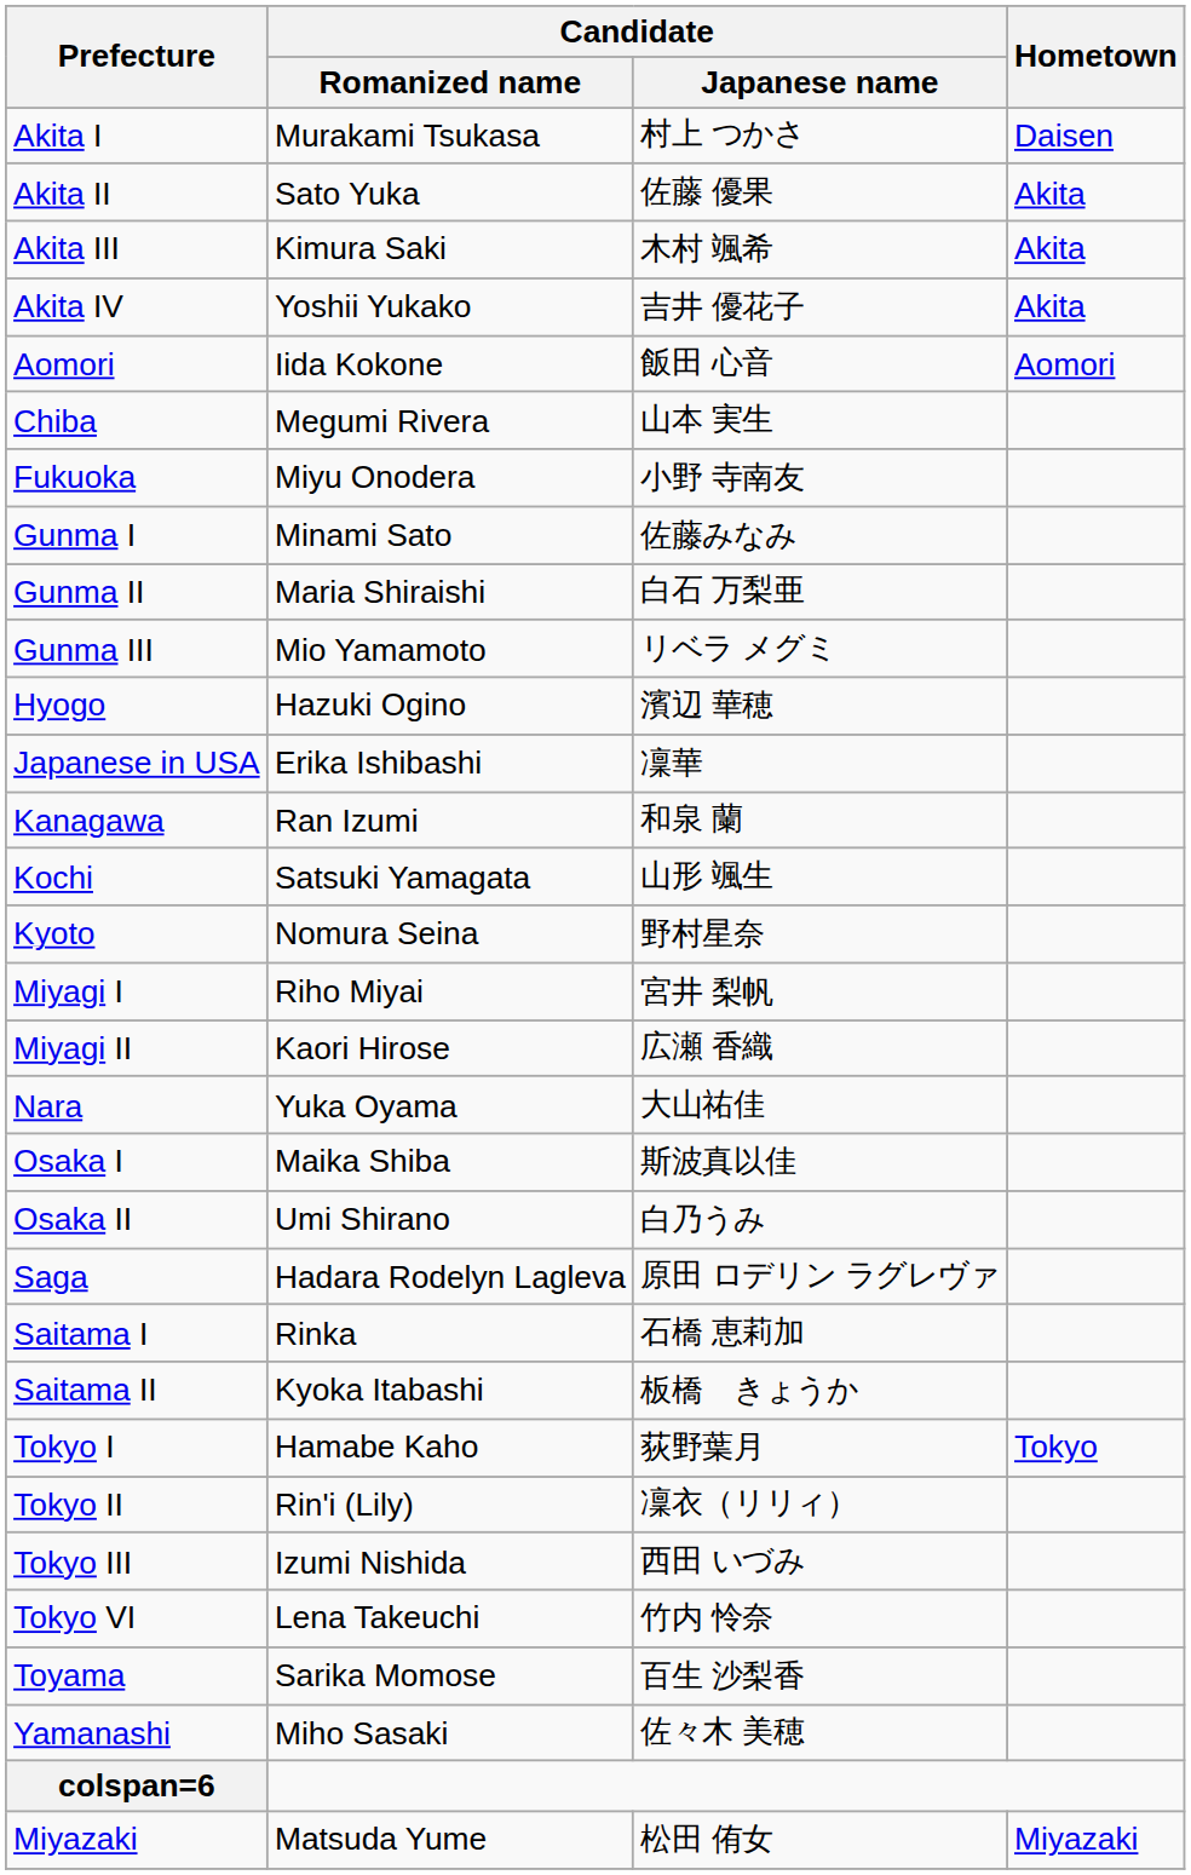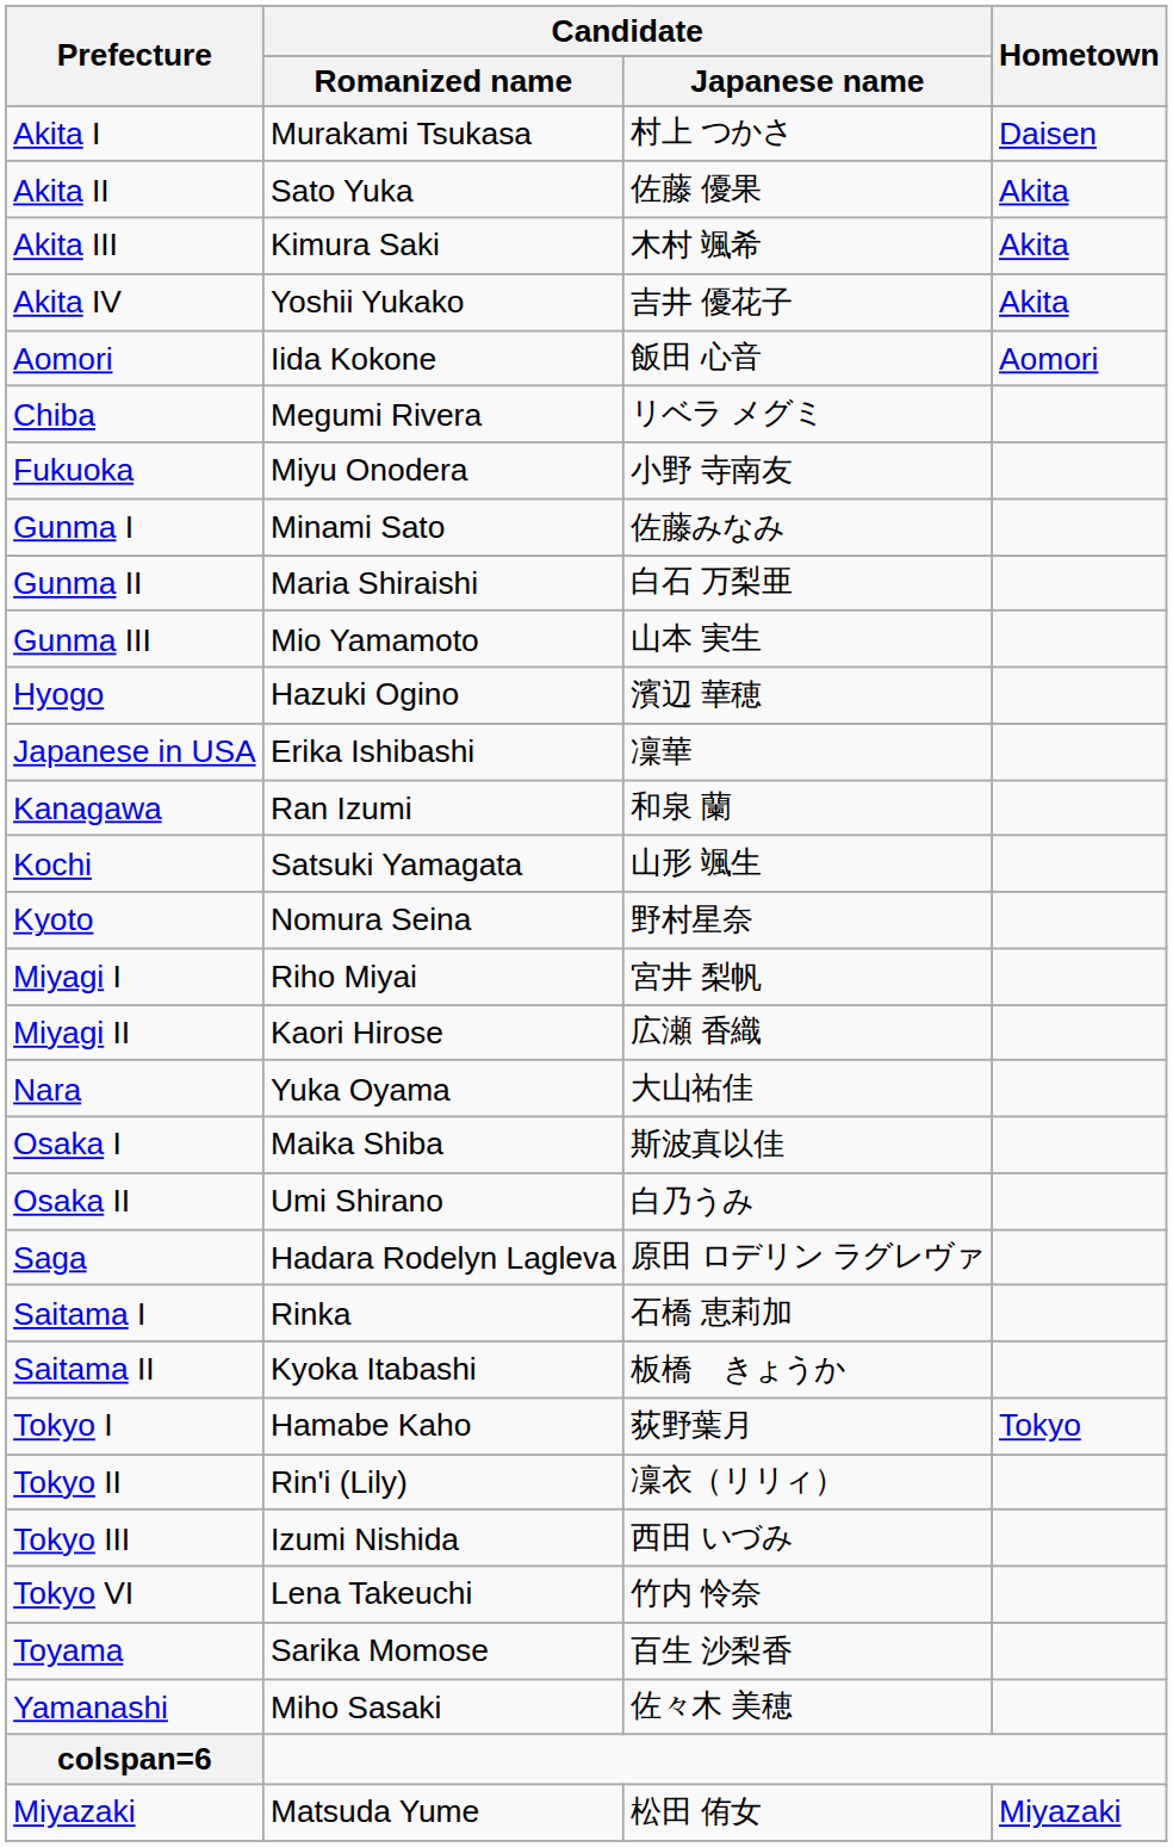 <table class="wikitable col5center" style="font-size: 90%;">
 <tr>
 <th rowspan=2>Prefecture</th>
 <th width="100" colspan=2><span>Candidate </span></th>
 <th rowspan=2><span>Hometown</span></th>
 </tr>
 <tr>
 <th>Romanized name</th>
 <th>Japanese name</th>
 </tr>
 <tr>
 <td><a href='#'>Akita</a> I</td>
 <td>Murakami Tsukasa</td>
 <td>村上 つかさ</td>
 <td><a href='#'>Daisen</a></td>
 </tr>
 <tr>
 <td><a href='#'>Akita</a> II</td>
 <td>Sato Yuka</td>
 <td>佐藤 優果</td>
 <td><a href='#'>Akita</a></td>
 </tr>
 <tr>
 <td><a href='#'>Akita</a> III</td>
 <td>Kimura Saki</td>
 <td>木村 颯希</td>
 <td><a href='#'>Akita</a></td>
 </tr>
 <tr>
 <td><a href='#'>Akita</a> IV</td>
 <td>Yoshii Yukako</td>
 <td>吉井 優花子</td>
 <td><a href='#'>Akita</a></td>
 </tr>
 <tr>
 <td><a href='#'>Aomori</a></td>
 <td>Iida Kokone</td>
 <td>飯田 心音</td>
 <td><a href='#'>Aomori</a></td>
 </tr>
 <tr>
 <td><a href='#'>Chiba</a></td>
 <td>Megumi Rivera</td>
-<td>山本 実生</td>
+<td>リベラ メグミ</td>
 <td></td>
 </tr>
 <tr>
 <td><a href='#'>Fukuoka</a></td>
 <td>Miyu Onodera</td>
 <td>小野 寺南友</td>
 <td></td>
 </tr>
 <tr>
 <td><a href='#'>Gunma</a> I</td>
 <td>Minami Sato</td>
 <td>佐藤みなみ</td>
 <td></td>
 </tr>
 <tr>
 <td><a href='#'>Gunma</a> II</td>
 <td>Maria Shiraishi</td>
 <td>白石 万梨亜</td>
 <td></td>
 </tr>
 <tr>
 <td><a href='#'>Gunma</a> III</td>
 <td>Mio Yamamoto</td>
-<td>リベラ メグミ</td>
+<td>山本 実生</td>
 <td></td>
 </tr>
 <tr>
 <td><a href='#'>Hyogo</a></td>
 <td>Hazuki Ogino</td>
 <td>濱辺 華穂</td>
 <td></td>
 </tr>
 <tr>
 <td><a href='#'>Japanese in USA</a></td>
 <td>Erika Ishibashi</td>
 <td>凜華</td>
 <td></td>
 </tr>
 <tr>
 <td><a href='#'>Kanagawa</a></td>
 <td>Ran Izumi</td>
 <td>和泉 蘭</td>
 <td></td>
 </tr>
 <tr>
 <td><a href='#'>Kochi</a></td>
 <td>Satsuki Yamagata</td>
 <td>山形 颯生</td>
 <td></td>
 </tr>
 <tr>
 <td><a href='#'>Kyoto</a></td>
 <td>Nomura Seina</td>
 <td>野村星奈</td>
 <td></td>
 </tr>
 <tr>
 <td><a href='#'>Miyagi</a> I</td>
 <td>Riho Miyai</td>
 <td>宮井 梨帆</td>
 <td></td>
 </tr>
 <tr>
 <td><a href='#'>Miyagi</a> II</td>
 <td>Kaori Hirose</td>
 <td>広瀬 香織</td>
 <td></td>
 </tr>
 <tr>
 <td><a href='#'>Nara</a></td>
 <td>Yuka Oyama</td>
 <td>大山祐佳</td>
 <td></td>
 </tr>
 <tr>
 <td><a href='#'>Osaka</a> I</td>
 <td>Maika Shiba</td>
 <td>斯波真以佳</td>
 <td></td>
 </tr>
 <tr>
 <td><a href='#'>Osaka</a> II</td>
 <td>Umi Shirano</td>
 <td>白乃うみ</td>
 <td></td>
 </tr>
 <tr>
 <td><a href='#'>Saga</a></td>
 <td>Hadara Rodelyn Lagleva</td>
 <td>原田 ロデリン ラグレヴァ</td>
 <td></td>
 </tr>
 <tr>
 <td><a href='#'>Saitama</a> I</td>
 <td>Rinka</td>
 <td>石橋 恵莉加</td>
 <td></td>
 </tr>
 <tr>
 <td><a href='#'>Saitama</a> II</td>
 <td>Kyoka Itabashi</td>
 <td>板橋　きょうか</td>
 <td></td>
 </tr>
 <tr>
 <td><a href='#'>Tokyo</a> I</td>
 <td>Hamabe Kaho</td>
 <td>荻野葉月</td>
 <td><a href='#'>Tokyo</a></td>
 </tr>
 <tr>
 <td><a href='#'>Tokyo</a> II</td>
 <td>Rin'i (Lily)</td>
 <td>凜衣（リリィ）</td>
 <td></td>
 </tr>
 <tr>
 <td><a href='#'>Tokyo</a> III</td>
 <td>Izumi Nishida</td>
 <td>西田 いづみ</td>
 <td></td>
 </tr>
 <tr>
 <td><a href='#'>Tokyo</a> VI</td>
 <td>Lena Takeuchi</td>
 <td>竹内 怜奈</td>
 <td></td>
 </tr>
 <tr>
 <td><a href='#'>Toyama</a></td>
 <td>Sarika Momose</td>
 <td>百生 沙梨香</td>
 <td></td>
 </tr>
 <tr>
 <td><a href='#'>Yamanashi</a></td>
 <td>Miho Sasaki</td>
 <td>佐々木 美穂</td>
 <td></td>
 </tr>
 <tr>
 <th>colspan=6 </th>
 </tr>
 <tr>
 <td><a href='#'>Miyazaki</a></td>
 <td>Matsuda Yume</td>
 <td>松田 侑女</td>
 <td><a href='#'>Miyazaki</a></td>
 </tr>
 </table>
